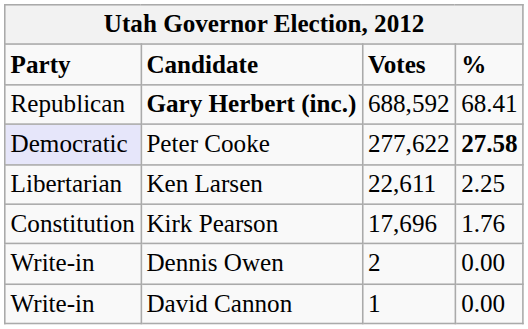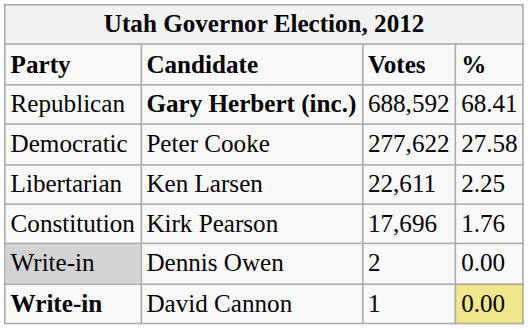 <table class="wikitable">
 <tr>
 <th colspan="4">Utah Governor Election, 2012</th>
 </tr>
 <tr>
 <td><strong>Party</strong></td>
 <td><strong>Candidate</strong></td>
 <td><strong>Votes</strong></td>
 <td><strong>%</strong></td>
 </tr>
 <tr>
 <td>Republican</td>
 <td><strong>Gary Herbert (inc.)</strong></td>
 <td>688,592</td>
 <td>68.41</td>
 </tr>
 <tr>
-<td style="background: lavender;">Democratic</td>
+<td>Democratic</td>
 <td>Peter Cooke</td>
 <td>277,622</td>
-<td><strong>27.58</strong></td>
+<td>27.58</td>
 </tr>
 <tr>
 <td>Libertarian</td>
 <td>Ken Larsen</td>
 <td>22,611</td>
 <td>2.25</td>
 </tr>
 <tr>
 <td>Constitution</td>
 <td>Kirk Pearson</td>
 <td>17,696</td>
 <td>1.76</td>
 </tr>
 <tr>
-<td>Write-in</td>
+<td style="background: lightgrey;">Write-in</td>
 <td>Dennis Owen</td>
 <td>2</td>
 <td>0.00</td>
 </tr>
 <tr>
-<td>Write-in</td>
+<td><strong>Write-in</strong></td>
 <td>David Cannon</td>
 <td>1</td>
-<td>0.00</td>
+<td style="background: khaki;">0.00</td>
 </tr>
 </table>
